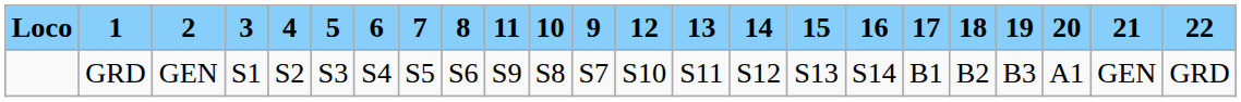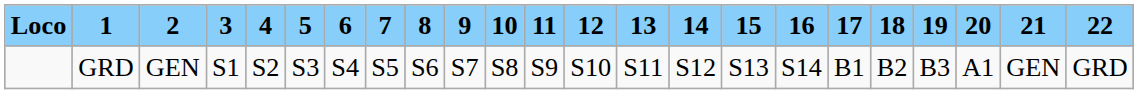 <table class="wikitable plainrowheaders unsortable" style="text-align:center">
 <tr>
 <th scope="col" rowspan="1" style="background:lightskyblue;">Loco</th>
 <th scope="col" rowspan="1" style="background:lightskyblue;">1</th>
 <th scope="col" rowspan="1" style="background:lightskyblue;">2</th>
 <th scope="col" rowspan="1" style="background:lightskyblue;">3</th>
 <th scope="col" rowspan="1" style="background:lightskyblue;">4</th>
 <th scope="col" rowspan="1" style="background:lightskyblue;">5</th>
 <th scope="col" rowspan="1" style="background:lightskyblue;">6</th>
 <th scope="col" rowspan="1" style="background:lightskyblue;">7</th>
 <th scope="col" rowspan="1" style="background:lightskyblue;">8</th>
+<th scope="col" rowspan="1" style="background:lightskyblue;">9</th>
+<th scope="col" rowspan="1" style="background:lightskyblue;">10</th>
 <th scope="col" rowspan="1" style="background:lightskyblue;">11</th>
-<th scope="col" rowspan="1" style="background:lightskyblue;">10</th>
-<th scope="col" rowspan="1" style="background:lightskyblue;">9</th>
 <th scope="col" rowspan="1" style="background:lightskyblue;">12</th>
 <th scope="col" rowspan="1" style="background:lightskyblue;">13</th>
 <th scope="col" rowspan="1" style="background:lightskyblue;">14</th>
 <th scope="col" rowspan="1" style="background:lightskyblue;">15</th>
 <th scope="col" rowspan="1" style="background:lightskyblue;">16</th>
 <th scope="col" rowspan="1" style="background:lightskyblue;">17</th>
 <th scope="col" rowspan="1" style="background:lightskyblue;">18</th>
 <th scope="col" rowspan="1" style="background:lightskyblue;">19</th>
 <th scope="col" rowspan="1" style="background:lightskyblue;">20</th>
 <th scope="col" rowspan="1" style="background:lightskyblue;">21</th>
 <th scope="col" rowspan="1" style="background:lightskyblue;">22</th>
 </tr>
 <tr>
 <td></td>
 <td>GRD</td>
 <td>GEN</td>
 <td>S1</td>
 <td>S2</td>
 <td>S3</td>
 <td>S4</td>
 <td>S5</td>
 <td>S6</td>
+<td>S7</td>
+<td>S8</td>
 <td>S9</td>
-<td>S8</td>
-<td>S7</td>
 <td>S10</td>
 <td>S11</td>
 <td>S12</td>
 <td>S13</td>
 <td>S14</td>
 <td>B1</td>
 <td>B2</td>
 <td>B3</td>
 <td>A1</td>
 <td>GEN</td>
 <td>GRD</td>
 </tr>
 </table>
